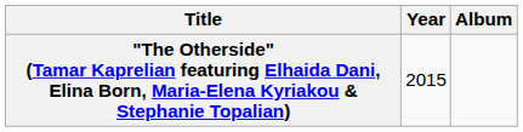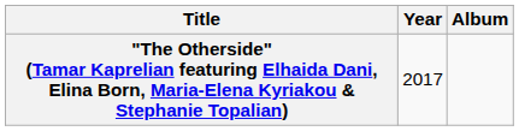 <table class="wikitable plainrowheaders" style="text-align:center;">
 <tr>
 <th scope="col" style="width:21em;">Title</th>
 <th scope="col" style="width:1em;">Year</th>
 <th scope="col">Album</th>
 </tr>
 <tr>
 <th scope="row">"The Otherside"<br><span>(<a href='#'>Tamar Kaprelian</a> featuring <a href='#'>Elhaida Dani</a>, Elina Born, <a href='#'>Maria-Elena Kyriakou</a> & <a href='#'>Stephanie Topalian</a>)</span></th>
-<td>2015</td>
+<td>2017</td>
 <td></td>
 </tr>
 </table>
